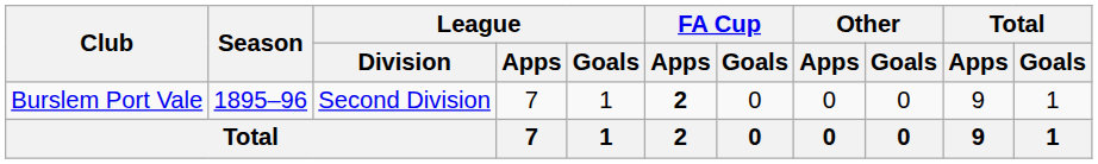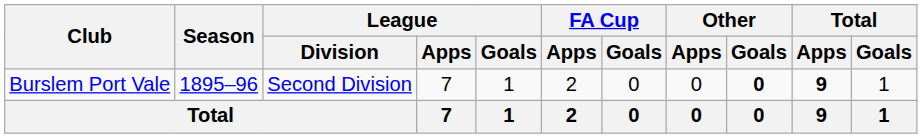 <table class="wikitable" style="text-align:center">
 <tr>
 <th rowspan="2">Club</th>
 <th rowspan="2">Season</th>
 <th colspan="3">League</th>
 <th colspan="2"><a href='#'>FA Cup</a></th>
 <th colspan="2">Other</th>
 <th colspan="2">Total</th>
 </tr>
 <tr>
 <th>Division</th>
 <th>Apps</th>
 <th>Goals</th>
 <th>Apps</th>
 <th>Goals</th>
 <th>Apps</th>
 <th>Goals</th>
 <th>Apps</th>
 <th>Goals</th>
 </tr>
 <tr>
 <td><a href='#'>Burslem Port Vale</a></td>
 <td><a href='#'>1895–96</a></td>
 <td><a href='#'>Second Division</a></td>
 <td>7</td>
 <td>1</td>
-<td><strong>2</strong></td>
+<td>2</td>
 <td>0</td>
 <td>0</td>
-<td>0</td>
-<td>9</td>
+<td><strong>0</strong></td>
+<td><strong>9</strong></td>
 <td>1</td>
 </tr>
 <tr>
 <th colspan="3">Total</th>
 <th>7</th>
 <th>1</th>
 <th>2</th>
 <th>0</th>
 <th>0</th>
 <th>0</th>
 <th>9</th>
 <th>1</th>
 </tr>
 </table>
